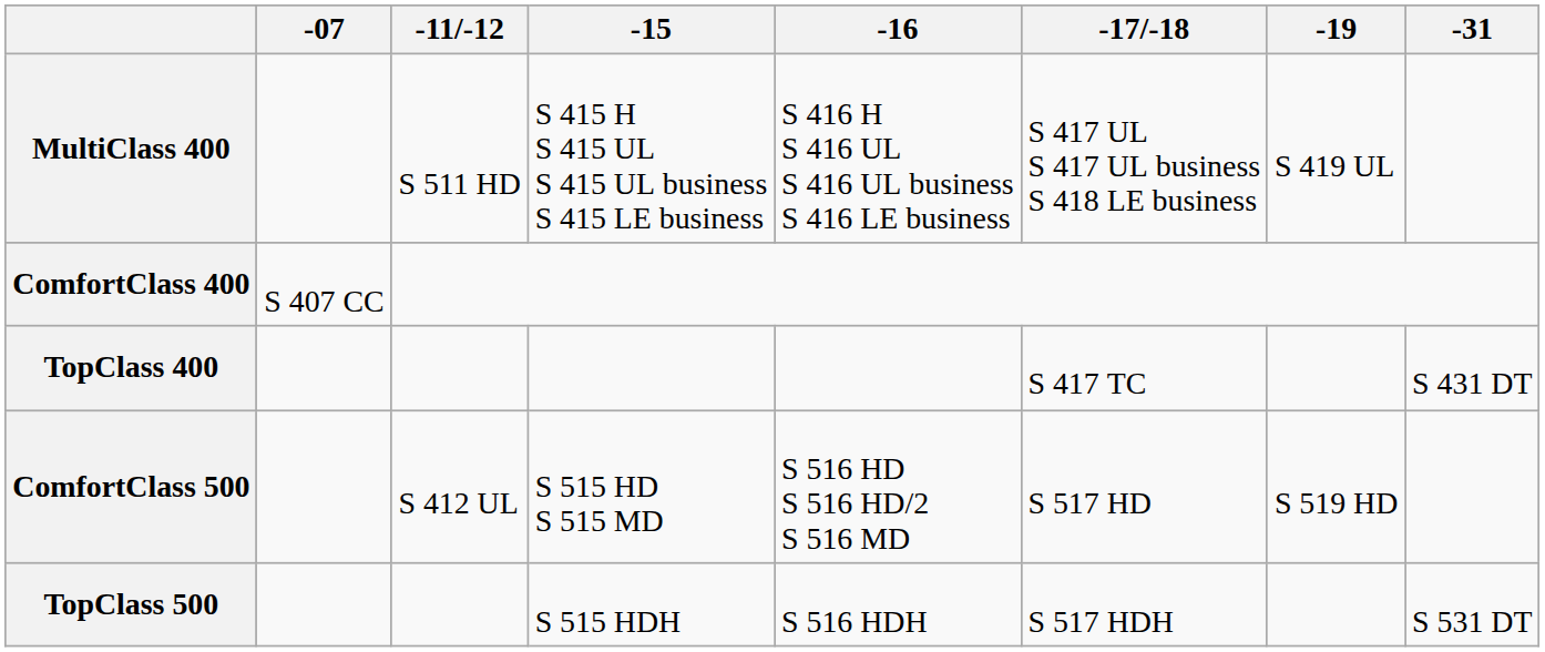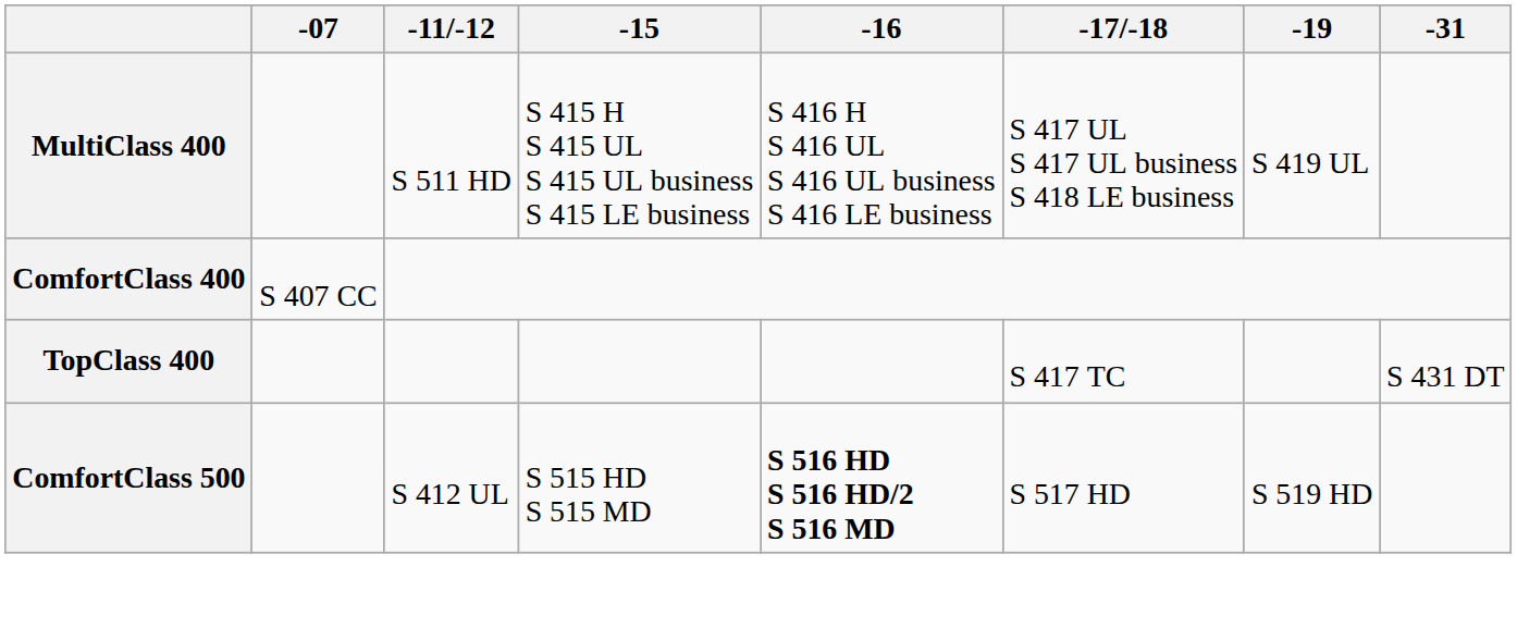 <table class=wikitable>
 <tr>
 <th></th>
 <th>-07</th>
 <th>-11/-12</th>
 <th>-15</th>
 <th>-16</th>
 <th>-17/-18</th>
 <th>-19</th>
 <th>-31</th>
 </tr>
 <tr>
 <th>MultiClass 400</th>
 <td></td>
 <td><br><br>S 511 HD</td>
 <td><br>S 415 H<br> S 415 UL<br> S 415 UL business<br> S 415 LE business</td>
 <td><br>S 416 H<br> S 416 UL<br> S 416 UL business<br> S 416 LE business</td>
 <td><br>S 417 UL<br> S 417 UL business<br> S 418 LE business</td>
 <td><br>S 419 UL</td>
 </tr>
 <tr>
 <th>ComfortClass 400</th>
 <td><br>S 407 CC </td>
 <td colspan=6></td>
 </tr>
 <tr>
 <th>TopClass 400</th>
 <td></td>
 <td></td>
 <td></td>
 <td></td>
 <td><br>S 417 TC </td>
 <td></td>
 <td><br>S 431 DT</td>
 </tr>
 <tr>
 <th>ComfortClass 500</th>
 <td></td>
 <td><br>S 412 UL</td>
 <td><br>S 515 HD<br> S 515 MD</td>
-<td><br>S 516 HD<br> S 516 HD/2<br> S 516 MD</td>
+<td><strong><br>S 516 HD<br> S 516 HD/2<br> S 516 MD</strong></td>
 <td><br>S 517 HD</td>
 <td><br>S 519 HD</td>
 </tr>
-<tr>
-<th>TopClass 500</th>
-<td></td>
-<td></td>
-<td><br>S 515 HDH</td>
-<td><br>S 516 HDH</td>
-<td><br>S 517 HDH</td>
-<td></td>
-<td><br>S 531 DT</td>
-</tr>
 </table>
